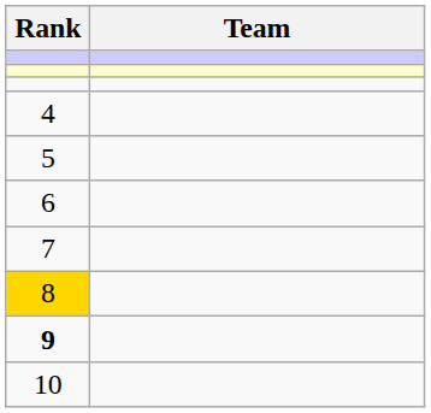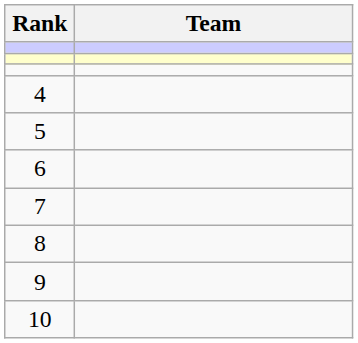 <table class="wikitable" style="text-align: center;">
 <tr>
 <th width=40>Rank</th>
 <th width=180>Team</th>
 </tr>
 <tr bgcolor=#ccccff>
 <td></td>
 <td align="left"></td>
 </tr>
 <tr bgcolor=#ffffcc>
 <td></td>
 <td align="left"></td>
 </tr>
 <tr>
 <td></td>
 <td align="left"></td>
 </tr>
 <tr>
 <td>4</td>
 <td align="left"></td>
 </tr>
 <tr>
 <td>5</td>
 <td align="left"></td>
 </tr>
 <tr>
 <td>6</td>
 <td align="left"></td>
 </tr>
 <tr>
 <td>7</td>
 <td align="left"></td>
 </tr>
 <tr>
-<td style="background: gold;">8</td>
+<td>8</td>
 <td align="left"></td>
 </tr>
 <tr>
-<td><strong>9</strong></td>
+<td>9</td>
 <td align="left"></td>
 </tr>
 <tr>
 <td>10</td>
 <td align="left"></td>
 </tr>
 </table>
